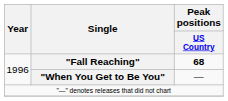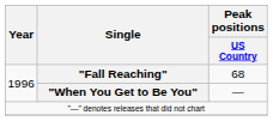 <table class="wikitable plainrowheaders" style="text-align:center;">
 <tr>
 <th rowspan="2">Year</th>
 <th rowspan="2" style="width:14em;">Single</th>
 <th colspan="1">Peak positions</th>
 </tr>
 <tr style="font-size:smaller;">
 <th width="65"><a href='#'>US Country</a><br></th>
 </tr>
 <tr>
 <td rowspan="2">1996</td>
 <th scope="row">"Fall Reaching"</th>
-<td><strong>68</strong></td>
+<td>68</td>
 </tr>
 <tr>
 <th scope="row">"When You Get to Be You"</th>
 <td>—</td>
 </tr>
 <tr>
 <td colspan="3" style="font-size:8pt">"—" denotes releases that did not chart</td>
 </tr>
 <tr>
 </tr>
 </table>
